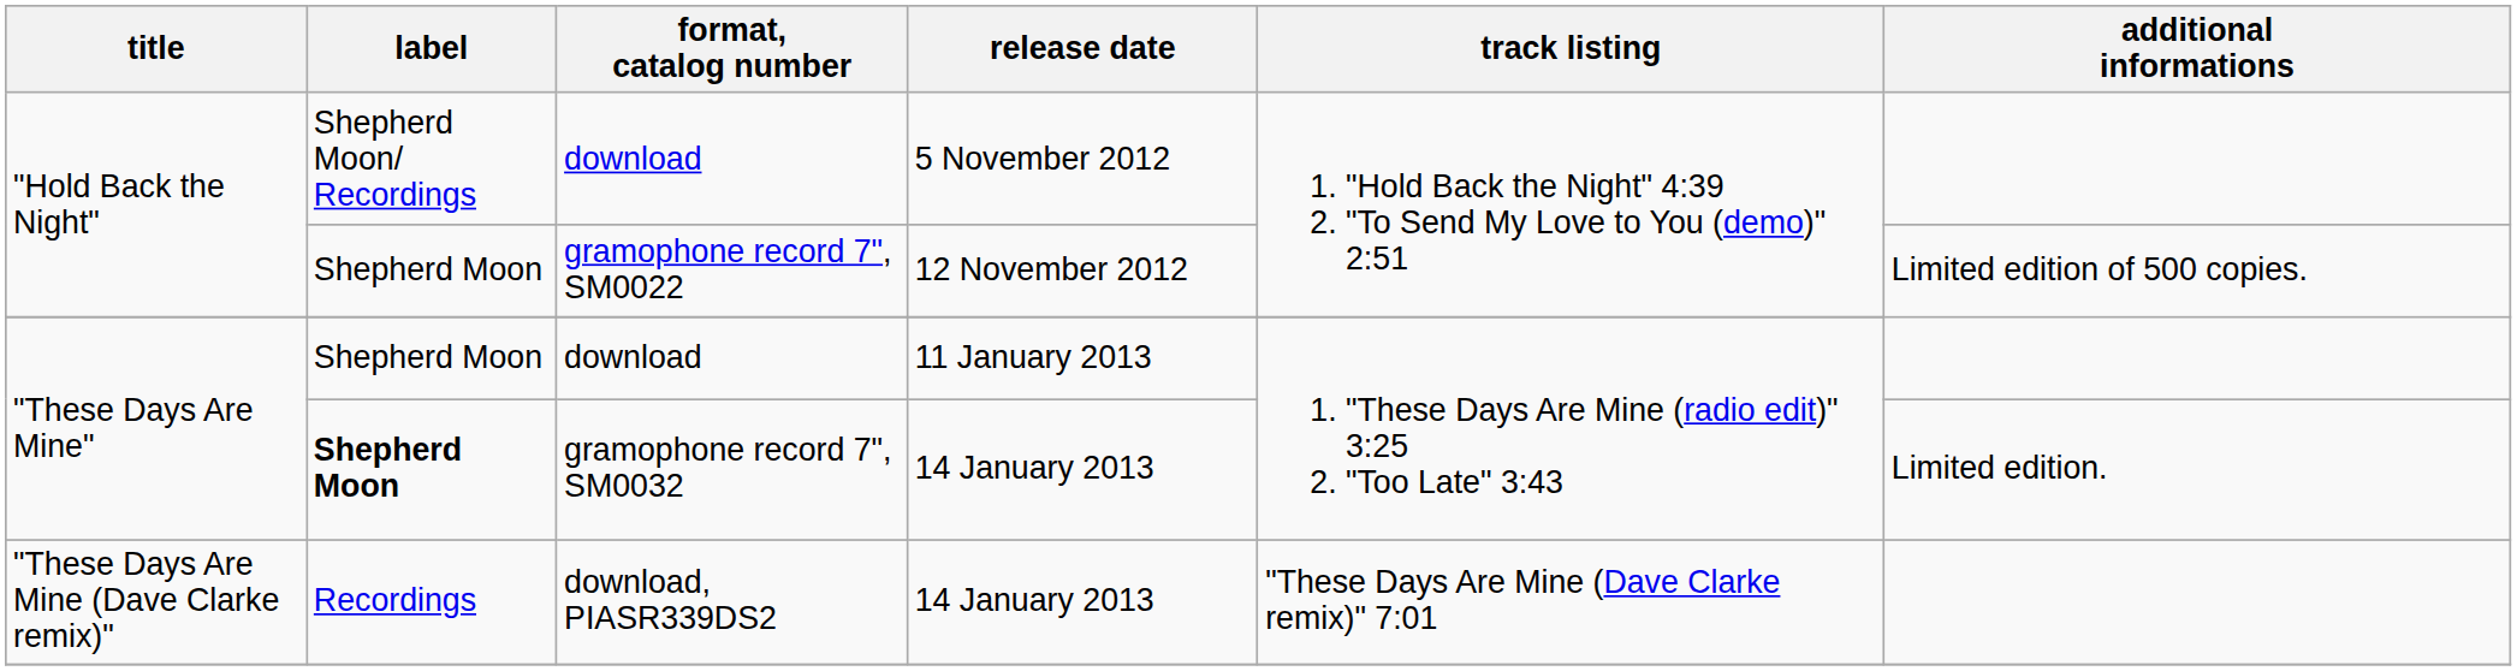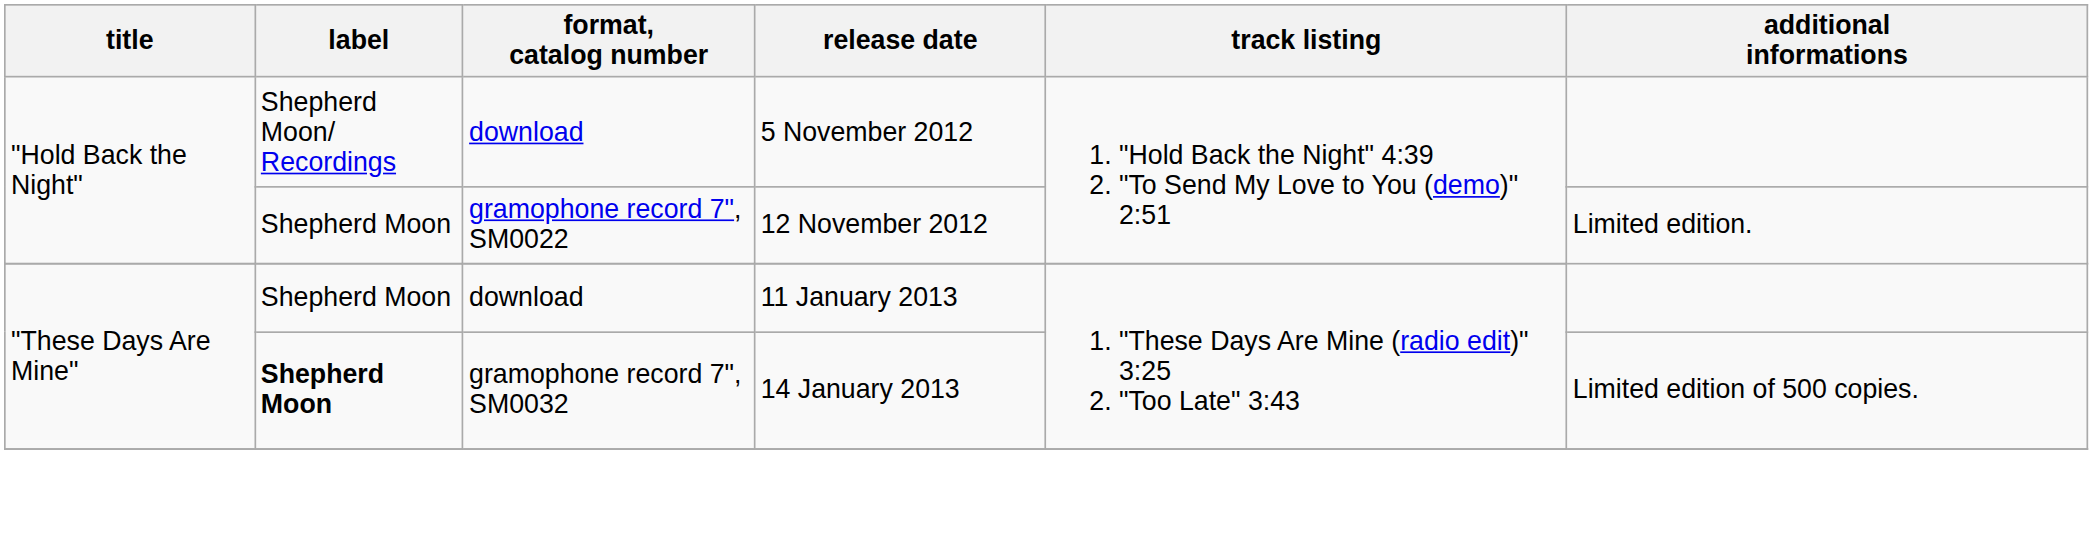 <table class="wikitable">
 <tr>
 <th style="width: 12%">title</th>
 <th style="width: 10%">label</th>
 <th style="width: 14%">format,<br>catalog number</th>
 <th style="width: 14%">release date</th>
 <th style="width: 25%">track listing</th>
 <th>additional<br>informations</th>
 </tr>
 <tr>
 <td rowspan="2">"Hold Back the Night"</td>
 <td>Shepherd Moon/<a href='#'> Recordings</a></td>
 <td><a href='#'>download</a></td>
 <td>5 November 2012</td>
 <td rowspan="2"><br><ol><li>"Hold Back the Night" 4:39</li><li>"To Send My Love to You (<a href='#'>demo</a>)" 2:51</li></ol></td>
 <td></td>
 </tr>
 <tr>
 <td>Shepherd Moon</td>
 <td><a href='#'>gramophone record 7"</a>,<br>SM0022</td>
 <td>12 November 2012</td>
-<td>Limited edition of 500 copies.</td>
+<td>Limited edition.</td>
 </tr>
 <tr>
 </tr>
 <tr>
 <td rowspan="2">"These Days Are Mine"</td>
 <td>Shepherd Moon</td>
 <td>download</td>
 <td>11 January 2013</td>
 <td rowspan="2"><br><ol><li>"These Days Are Mine (<a href='#'>radio edit</a>)" 3:25</li><li>"Too Late" 3:43</li></ol></td>
 </tr>
 <tr>
 <td><strong>Shepherd Moon</strong></td>
 <td>gramophone record 7",<br>SM0032</td>
 <td>14 January 2013</td>
-<td>Limited edition.</td>
-</tr>
-<tr>
-<td>"These Days Are Mine (Dave Clarke remix)"</td>
-<td><a href='#'> Recordings</a></td>
-<td>download,<br>PIASR339DS2</td>
-<td>14 January 2013</td>
-<td>"These Days Are Mine (<a href='#'>Dave Clarke</a> remix)"  7:01</td>
-<td></td>
+<td>Limited edition of 500 copies.</td>
 </tr>
 <tr>
 </tr>
 </table>
